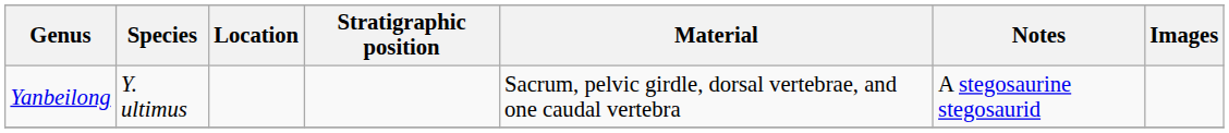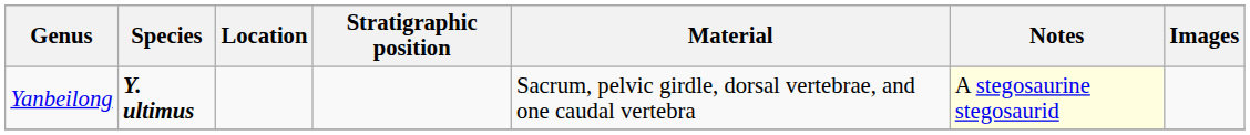 <table class="wikitable" align="center">
 <tr>
 </tr>
 <tr>
 <th>Genus</th>
 <th>Species</th>
 <th>Location</th>
 <th>Stratigraphic position</th>
 <th>Material</th>
 <th>Notes</th>
 <th>Images</th>
 </tr>
 <tr>
 <td><em><a href='#'>Yanbeilong</a></em></td>
-<td><em>Y. ultimus</em></td>
+<td><strong><em>Y. ultimus</em></strong></td>
 <td></td>
 <td></td>
 <td>Sacrum, pelvic girdle, dorsal vertebrae, and one caudal vertebra</td>
-<td>A <a href='#'>stegosaurine stegosaurid</a></td>
+<td style="background: lightyellow;">A <a href='#'>stegosaurine stegosaurid</a></td>
 <td></td>
 </tr>
 <tr>
 </tr>
 </table>
